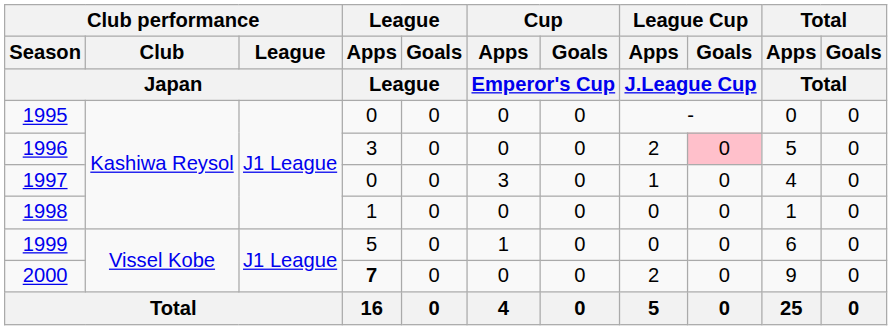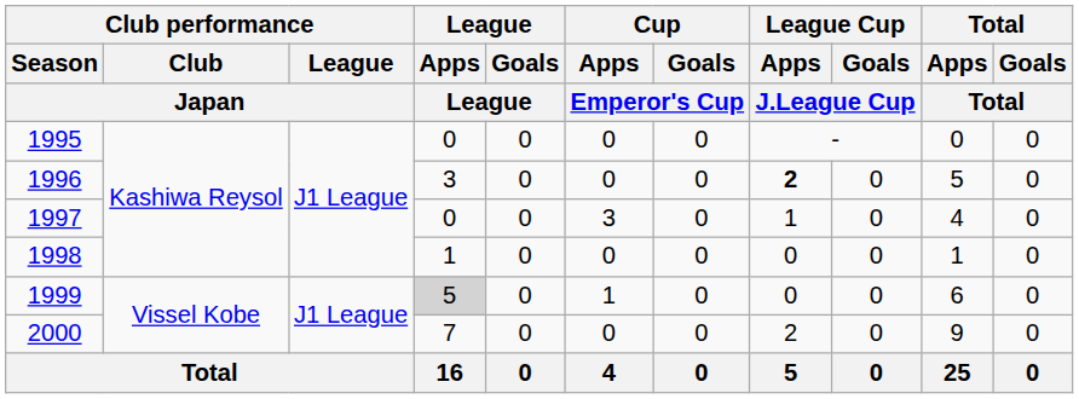 <table class="wikitable" style="text-align:center;">
 <tr>
 <th colspan=3>Club performance</th>
 <th colspan=2>League</th>
 <th colspan=2>Cup</th>
 <th colspan=2>League Cup</th>
 <th colspan=2>Total</th>
 </tr>
 <tr>
 <th>Season</th>
 <th>Club</th>
 <th>League</th>
 <th>Apps</th>
 <th>Goals</th>
 <th>Apps</th>
 <th>Goals</th>
 <th>Apps</th>
 <th>Goals</th>
 <th>Apps</th>
 <th>Goals</th>
 </tr>
 <tr>
 <th colspan=3>Japan</th>
 <th colspan=2>League</th>
 <th colspan=2><a href='#'>Emperor's Cup</a></th>
 <th colspan=2><a href='#'>J.League Cup</a></th>
 <th colspan=2>Total</th>
 </tr>
 <tr>
 <td><a href='#'>1995</a></td>
 <td rowspan=4><a href='#'>Kashiwa Reysol</a></td>
 <td rowspan=4><a href='#'>J1 League</a></td>
 <td>0</td>
 <td>0</td>
 <td>0</td>
 <td>0</td>
 <td colspan=2>-</td>
 <td>0</td>
 <td>0</td>
 </tr>
 <tr>
 <td><a href='#'>1996</a></td>
 <td>3</td>
 <td>0</td>
 <td>0</td>
 <td>0</td>
-<td>2</td>
-<td style="background: pink;">0</td>
+<td><strong>2</strong></td>
+<td>0</td>
 <td>5</td>
 <td>0</td>
 </tr>
 <tr>
 <td><a href='#'>1997</a></td>
 <td>0</td>
 <td>0</td>
 <td>3</td>
 <td>0</td>
 <td>1</td>
 <td>0</td>
 <td>4</td>
 <td>0</td>
 </tr>
 <tr>
 <td><a href='#'>1998</a></td>
 <td>1</td>
 <td>0</td>
 <td>0</td>
 <td>0</td>
 <td>0</td>
 <td>0</td>
 <td>1</td>
 <td>0</td>
 </tr>
 <tr>
 <td><a href='#'>1999</a></td>
 <td rowspan=2><a href='#'>Vissel Kobe</a></td>
 <td rowspan=2><a href='#'>J1 League</a></td>
-<td>5</td>
+<td style="background: lightgrey;">5</td>
 <td>0</td>
 <td>1</td>
 <td>0</td>
 <td>0</td>
 <td>0</td>
 <td>6</td>
 <td>0</td>
 </tr>
 <tr>
 <td><a href='#'>2000</a></td>
-<td><strong>7</strong></td>
+<td>7</td>
 <td>0</td>
 <td>0</td>
 <td>0</td>
 <td>2</td>
 <td>0</td>
 <td>9</td>
 <td>0</td>
 </tr>
 <tr>
 <th colspan=3>Total</th>
 <th>16</th>
 <th>0</th>
 <th>4</th>
 <th>0</th>
 <th>5</th>
 <th>0</th>
 <th>25</th>
 <th>0</th>
 </tr>
 </table>
